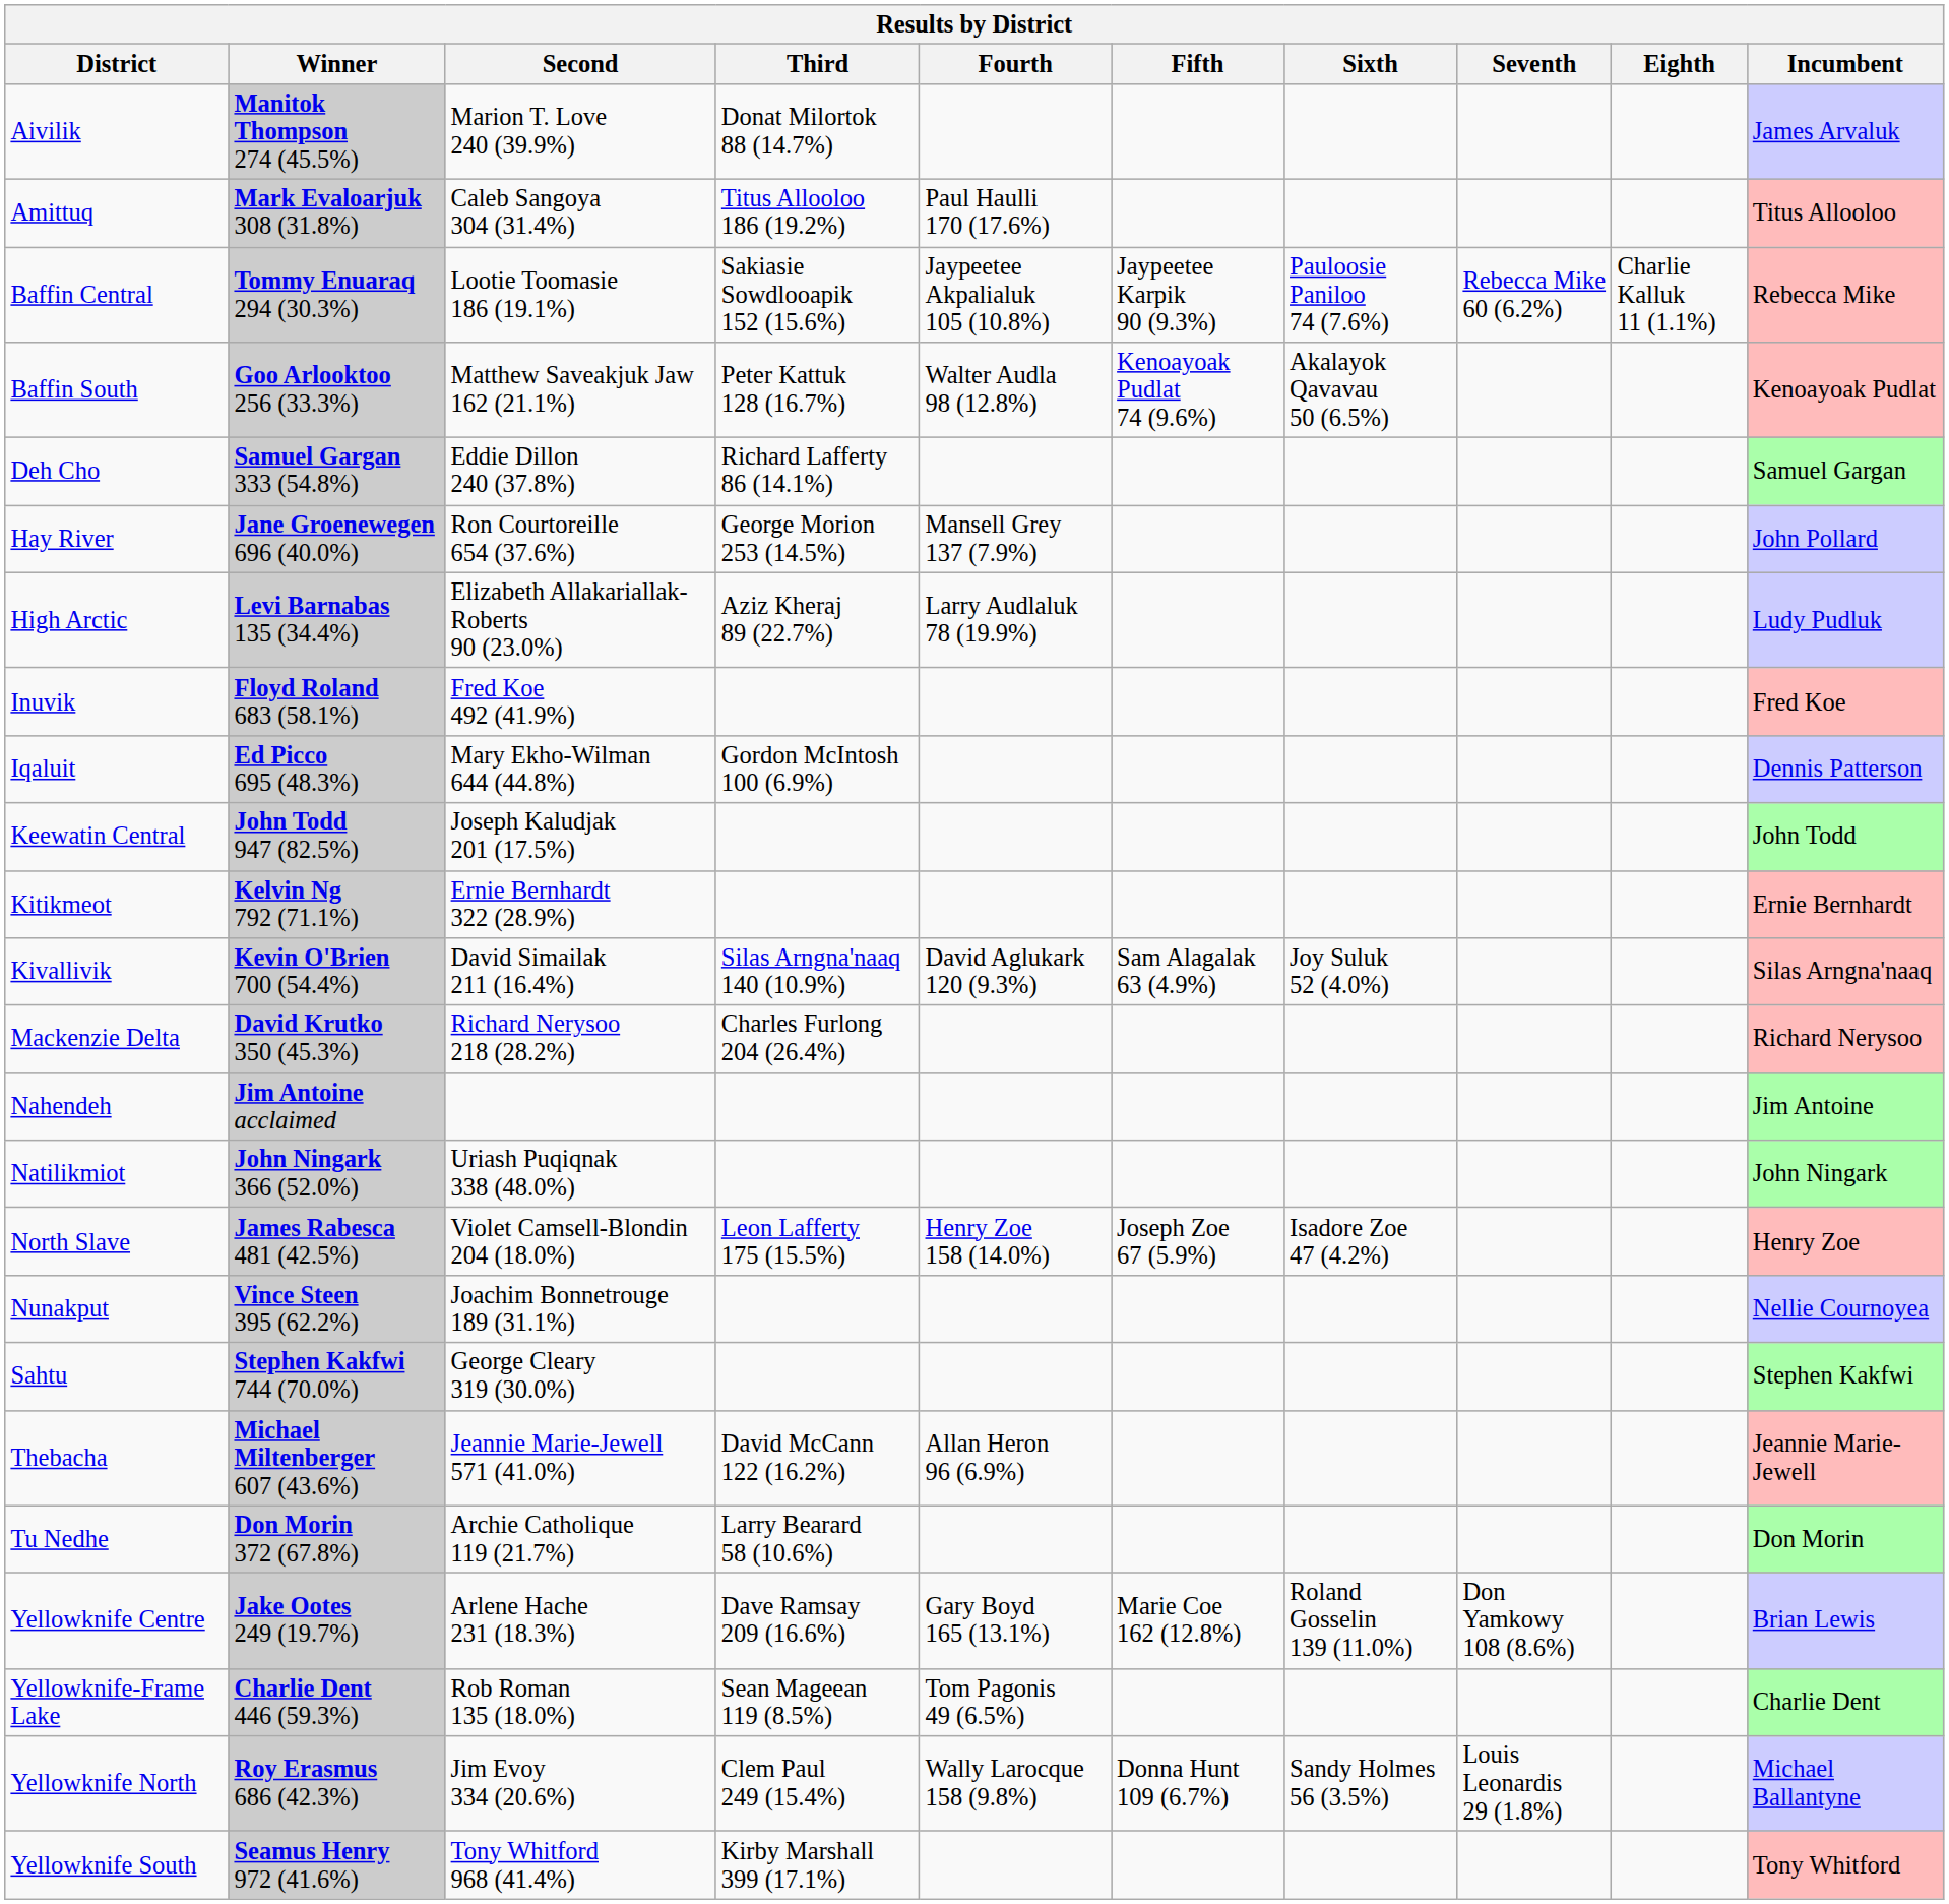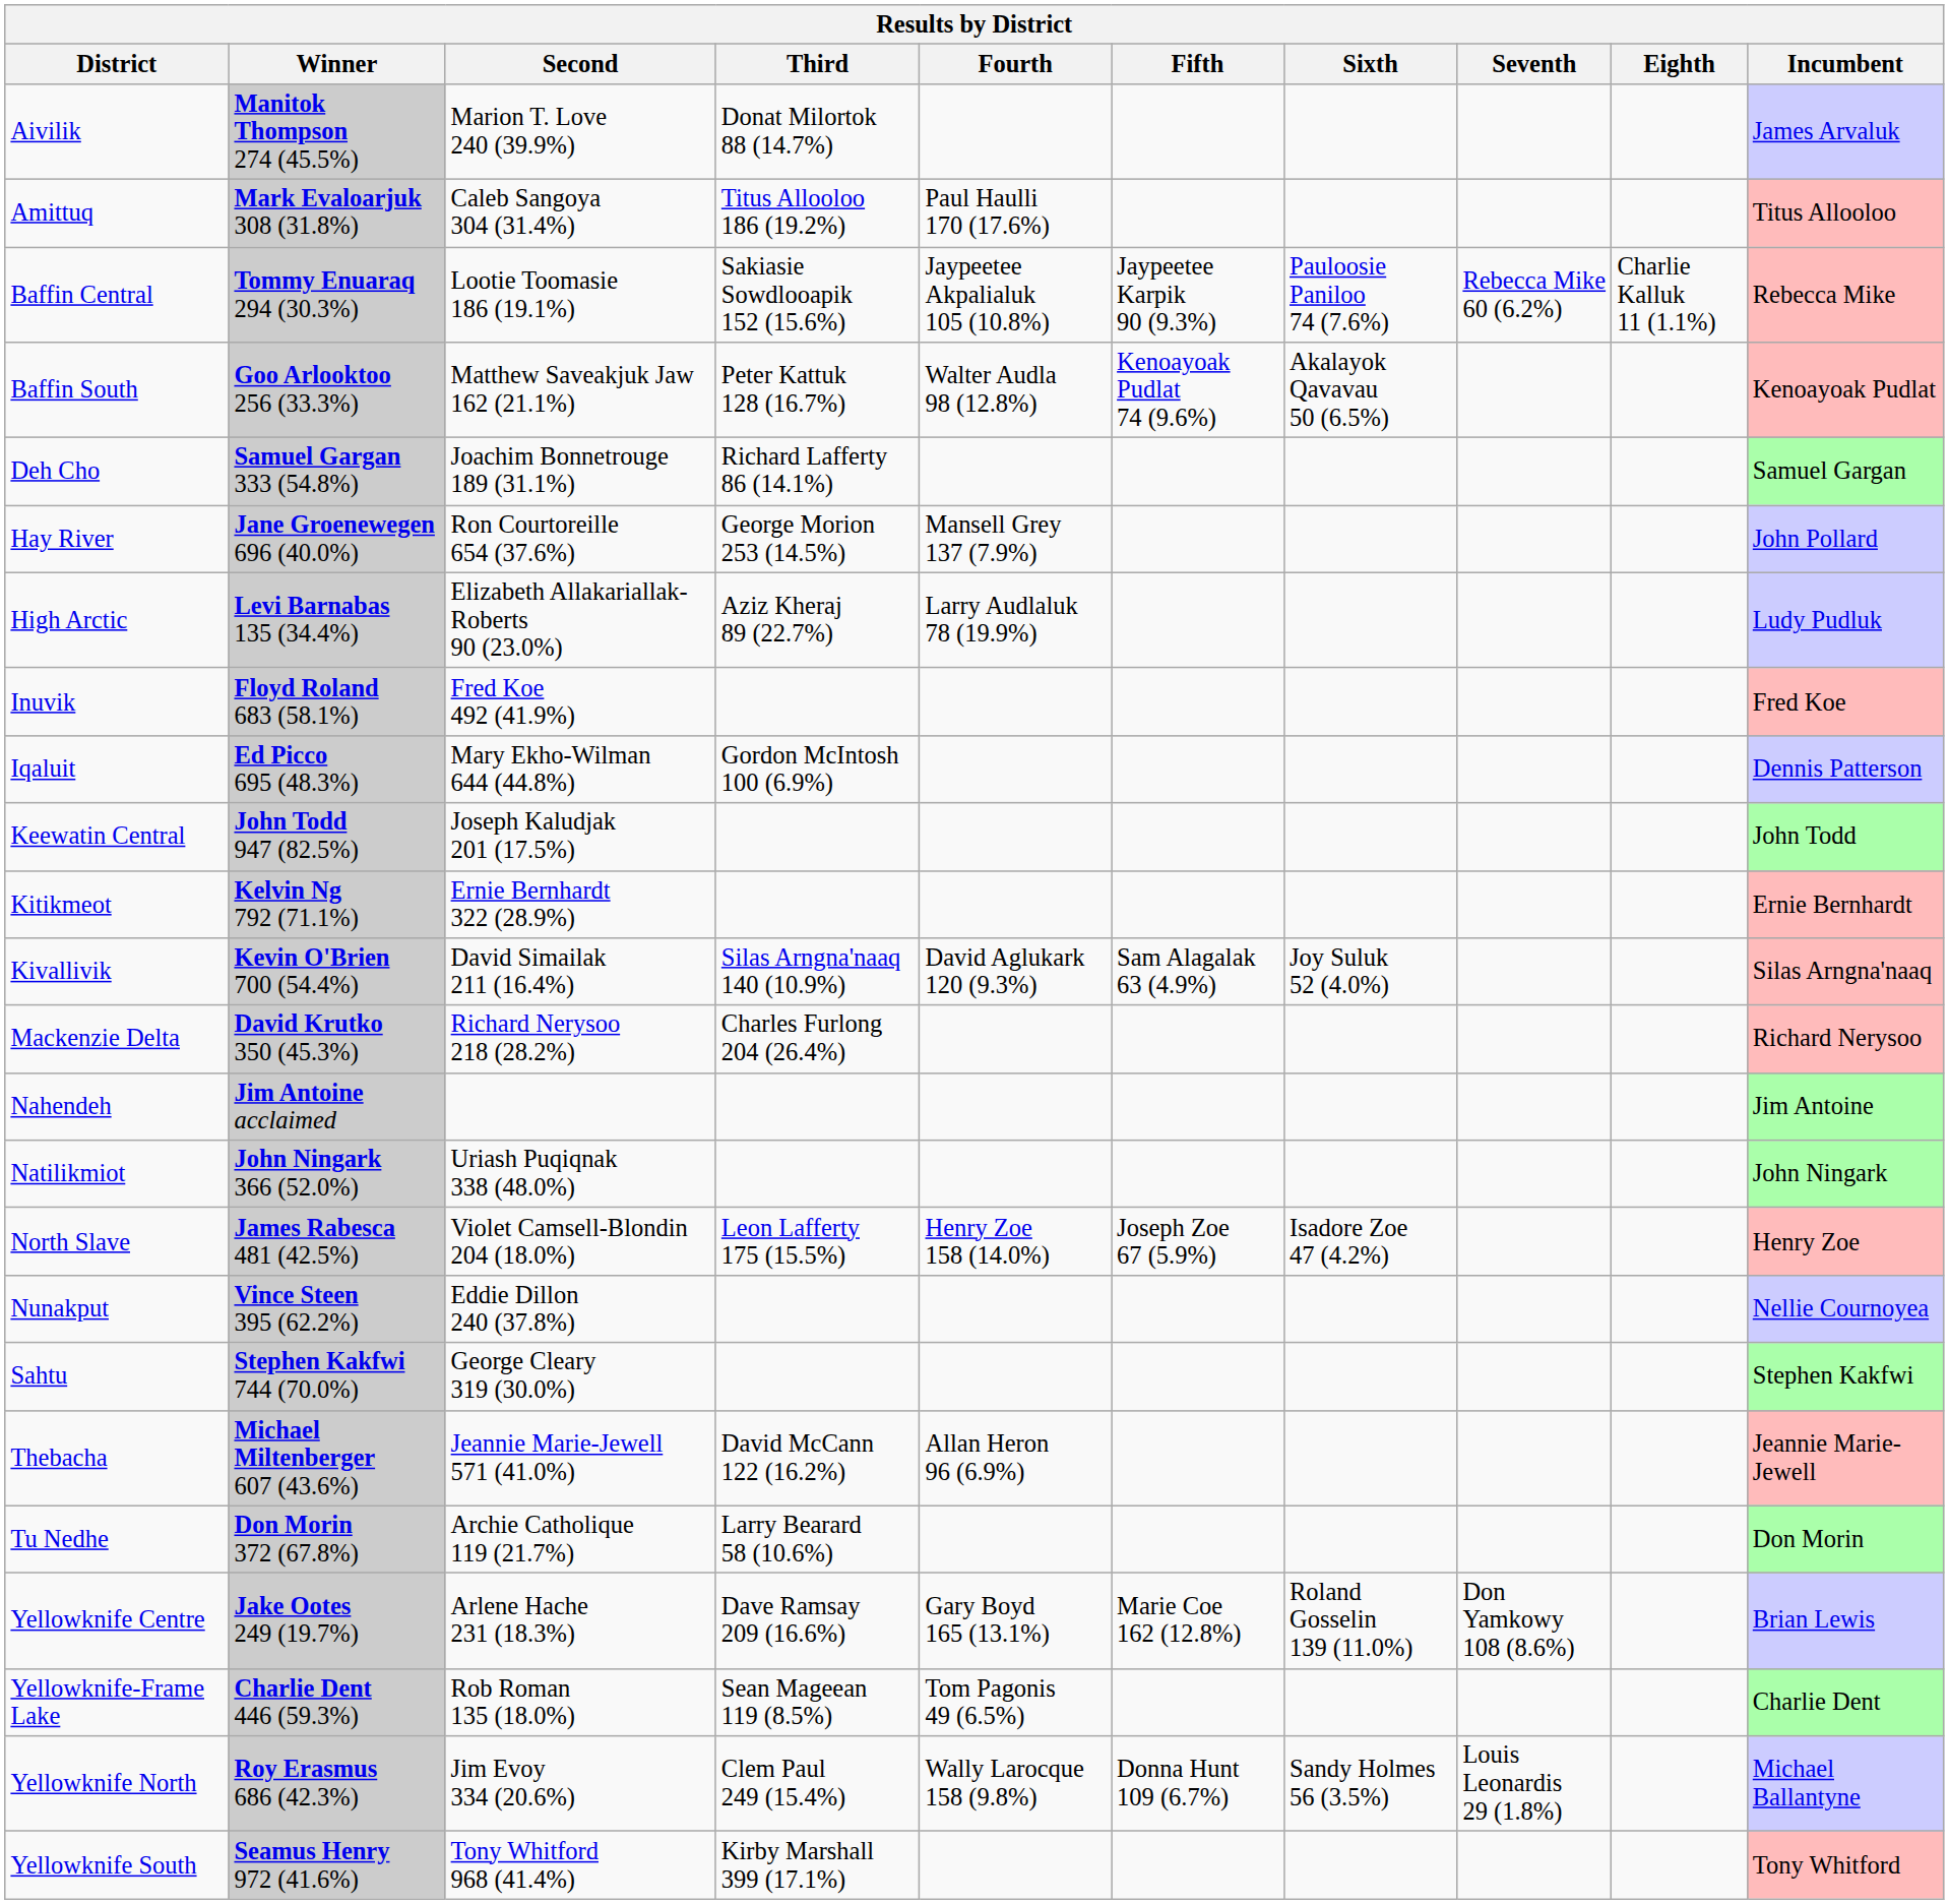 <table class=wikitable>
 <tr>
 <th colspan=11 align=center><strong>Results by District</strong></th>
 </tr>
 <tr>
 <th>District</th>
 <th>Winner</th>
 <th>Second</th>
 <th>Third</th>
 <th>Fourth</th>
 <th>Fifth</th>
 <th>Sixth</th>
 <th>Seventh</th>
 <th>Eighth</th>
 <th>Incumbent</th>
 </tr>
 <tr>
 <td><a href='#'>Aivilik</a></td>
 <td bgcolor="#cccccc"><strong><a href='#'>Manitok Thompson</a></strong><br>274 (45.5%)</td>
 <td>Marion T. Love<br>240 (39.9%)</td>
 <td>Donat Milortok<br>88 (14.7%)</td>
 <td></td>
 <td></td>
 <td></td>
 <td></td>
 <td></td>
 <td bgcolor="#ccccff"><a href='#'>James Arvaluk</a></td>
 </tr>
 <tr>
 <td><a href='#'>Amittuq</a></td>
 <td bgcolor="#cccccc"><strong><a href='#'>Mark Evaloarjuk</a></strong><br>308 (31.8%)</td>
 <td>Caleb Sangoya<br>304 (31.4%)</td>
 <td><a href='#'>Titus Allooloo</a><br>186 (19.2%)</td>
 <td>Paul Haulli<br>170 (17.6%)</td>
 <td></td>
 <td></td>
 <td></td>
 <td></td>
 <td bgcolor="#ffbbbb">Titus Allooloo</td>
 </tr>
 <tr>
 <td><a href='#'>Baffin Central</a></td>
 <td bgcolor="#cccccc"><strong><a href='#'>Tommy Enuaraq</a></strong><br>294 (30.3%)</td>
 <td>Lootie Toomasie<br>186 (19.1%)</td>
 <td>Sakiasie Sowdlooapik<br>152 (15.6%)</td>
 <td>Jaypeetee Akpalialuk<br>105 (10.8%)</td>
 <td>Jaypeetee Karpik<br>90 (9.3%)</td>
 <td><a href='#'>Pauloosie Paniloo</a><br>74 (7.6%)</td>
 <td><a href='#'>Rebecca Mike</a><br>60 (6.2%)</td>
 <td>Charlie Kalluk<br>11 (1.1%)</td>
 <td bgcolor="#ffbbbb">Rebecca Mike</td>
 </tr>
 <tr>
 <td><a href='#'>Baffin South</a></td>
 <td bgcolor="#cccccc"><strong><a href='#'>Goo Arlooktoo</a></strong><br>256 (33.3%)</td>
 <td>Matthew Saveakjuk Jaw<br>162 (21.1%)</td>
 <td>Peter Kattuk<br>128 (16.7%)</td>
 <td>Walter Audla<br>98 (12.8%)</td>
 <td><a href='#'>Kenoayoak Pudlat</a><br>74 (9.6%)</td>
 <td>Akalayok Qavavau<br>50 (6.5%)</td>
 <td></td>
 <td></td>
 <td bgcolor="#ffbbbb">Kenoayoak Pudlat</td>
 </tr>
 <tr>
 <td><a href='#'>Deh Cho</a></td>
 <td bgcolor="#cccccc"><strong><a href='#'>Samuel Gargan</a></strong><br>333 (54.8%)</td>
-<td>Eddie Dillon<br>240 (37.8%)</td>
+<td>Joachim Bonnetrouge<br>189 (31.1%)</td>
 <td>Richard Lafferty<br>86 (14.1%)</td>
 <td></td>
 <td></td>
 <td></td>
 <td></td>
 <td></td>
 <td bgcolor="#aaffaa">Samuel Gargan</td>
 </tr>
 <tr>
 <td><a href='#'>Hay River</a></td>
 <td bgcolor="#cccccc"><strong><a href='#'>Jane Groenewegen</a></strong><br>696 (40.0%)</td>
 <td>Ron Courtoreille<br>654 (37.6%)</td>
 <td>George Morion<br>253 (14.5%)</td>
 <td>Mansell Grey<br>137 (7.9%)</td>
 <td></td>
 <td></td>
 <td></td>
 <td></td>
 <td bgcolor="#ccccff"><a href='#'>John Pollard</a></td>
 </tr>
 <tr>
 <td><a href='#'>High Arctic</a><br></td>
 <td bgcolor="#cccccc"><strong><a href='#'>Levi Barnabas</a></strong><br>135 (34.4%)</td>
 <td>Elizabeth Allakariallak-Roberts<br>90 (23.0%)</td>
 <td>Aziz Kheraj<br>89 (22.7%)</td>
 <td>Larry Audlaluk<br>78 (19.9%)</td>
 <td></td>
 <td></td>
 <td></td>
 <td></td>
 <td bgcolor="#ccccff"><a href='#'>Ludy Pudluk</a></td>
 </tr>
 <tr>
 <td><a href='#'>Inuvik</a></td>
 <td bgcolor="#cccccc"><strong><a href='#'>Floyd Roland</a></strong><br>683 (58.1%)</td>
 <td><a href='#'>Fred Koe</a><br>492 (41.9%)</td>
 <td></td>
 <td></td>
 <td></td>
 <td></td>
 <td></td>
 <td></td>
 <td bgcolor="#ffbbbb">Fred Koe</td>
 </tr>
 <tr>
 <td><a href='#'>Iqaluit</a></td>
 <td bgcolor="#cccccc"><strong><a href='#'>Ed Picco</a></strong><br>695 (48.3%)</td>
 <td>Mary Ekho-Wilman<br>644 (44.8%)</td>
 <td>Gordon McIntosh<br>100 (6.9%)</td>
 <td></td>
 <td></td>
 <td></td>
 <td></td>
 <td></td>
 <td bgcolor="#ccccff"><a href='#'>Dennis Patterson</a></td>
 </tr>
 <tr>
 <td><a href='#'>Keewatin Central</a></td>
 <td bgcolor="#cccccc"><strong><a href='#'>John Todd</a></strong><br>947 (82.5%)</td>
 <td>Joseph Kaludjak<br>201 (17.5%)</td>
 <td></td>
 <td></td>
 <td></td>
 <td></td>
 <td></td>
 <td></td>
 <td bgcolor="#aaffaa">John Todd</td>
 </tr>
 <tr>
 <td><a href='#'>Kitikmeot</a></td>
 <td bgcolor="#cccccc"><strong><a href='#'>Kelvin Ng</a></strong><br>792 (71.1%)</td>
 <td><a href='#'>Ernie Bernhardt</a><br>322 (28.9%)</td>
 <td></td>
 <td></td>
 <td></td>
 <td></td>
 <td></td>
 <td></td>
 <td bgcolor="#ffbbbb">Ernie Bernhardt</td>
 </tr>
 <tr>
 <td><a href='#'>Kivallivik</a></td>
 <td bgcolor="#cccccc"><strong><a href='#'>Kevin O'Brien</a></strong><br>700 (54.4%)</td>
 <td>David Simailak<br>211 (16.4%)</td>
 <td><a href='#'>Silas Arngna'naaq</a><br>140 (10.9%)</td>
 <td>David Aglukark<br>120 (9.3%)</td>
 <td>Sam Alagalak<br>63 (4.9%)</td>
 <td>Joy Suluk<br>52 (4.0%)</td>
 <td></td>
 <td></td>
 <td bgcolor="#ffbbbb">Silas Arngna'naaq</td>
 </tr>
 <tr>
 <td><a href='#'>Mackenzie Delta</a></td>
 <td bgcolor="#cccccc"><strong><a href='#'>David Krutko</a></strong><br>350 (45.3%)</td>
 <td><a href='#'>Richard Nerysoo</a><br>218 (28.2%)</td>
 <td>Charles Furlong<br>204 (26.4%)</td>
 <td></td>
 <td></td>
 <td></td>
 <td></td>
 <td></td>
 <td bgcolor="#ffbbbb">Richard Nerysoo</td>
 </tr>
 <tr>
 <td><a href='#'>Nahendeh</a></td>
 <td bgcolor="#cccccc"><strong><a href='#'>Jim Antoine</a></strong><br><em>acclaimed</em></td>
 <td></td>
 <td></td>
 <td></td>
 <td></td>
 <td></td>
 <td></td>
 <td></td>
 <td bgcolor="#aaffaa">Jim Antoine</td>
 </tr>
 <tr>
 <td><a href='#'>Natilikmiot</a></td>
 <td bgcolor="#cccccc"><strong><a href='#'>John Ningark</a></strong><br>366 (52.0%)</td>
 <td>Uriash Puqiqnak<br>338 (48.0%)</td>
 <td></td>
 <td></td>
 <td></td>
 <td></td>
 <td></td>
 <td></td>
 <td bgcolor="#aaffaa">John Ningark</td>
 </tr>
 <tr>
 <td><a href='#'>North Slave</a></td>
 <td bgcolor="#cccccc"><strong><a href='#'>James Rabesca</a></strong><br>481 (42.5%)</td>
 <td>Violet Camsell-Blondin<br>204 (18.0%)</td>
 <td><a href='#'>Leon Lafferty</a><br>175 (15.5%)</td>
 <td><a href='#'>Henry Zoe</a><br>158 (14.0%)</td>
 <td>Joseph Zoe<br>67 (5.9%)</td>
 <td>Isadore Zoe<br>47 (4.2%)</td>
 <td></td>
 <td></td>
 <td bgcolor="#ffbbbb">Henry Zoe</td>
 </tr>
 <tr>
 <td><a href='#'>Nunakput</a></td>
 <td bgcolor="#cccccc"><strong><a href='#'>Vince Steen</a></strong><br>395 (62.2%)</td>
-<td>Joachim Bonnetrouge<br>189 (31.1%)</td>
+<td>Eddie Dillon<br>240 (37.8%)</td>
 <td></td>
 <td></td>
 <td></td>
 <td></td>
 <td></td>
 <td></td>
 <td bgcolor="#ccccff"><a href='#'>Nellie Cournoyea</a></td>
 </tr>
 <tr>
 <td><a href='#'>Sahtu</a></td>
 <td bgcolor="#cccccc"><strong><a href='#'>Stephen Kakfwi</a></strong><br>744 (70.0%)</td>
 <td>George Cleary<br>319 (30.0%)</td>
 <td></td>
 <td></td>
 <td></td>
 <td></td>
 <td></td>
 <td></td>
 <td bgcolor="#aaffaa">Stephen Kakfwi</td>
 </tr>
 <tr>
 <td><a href='#'>Thebacha</a></td>
 <td bgcolor="#cccccc"><strong><a href='#'>Michael Miltenberger</a></strong><br>607 (43.6%)</td>
 <td><a href='#'>Jeannie Marie-Jewell</a><br>571 (41.0%)</td>
 <td>David McCann<br>122 (16.2%)</td>
 <td>Allan Heron<br>96 (6.9%)</td>
 <td></td>
 <td></td>
 <td></td>
 <td></td>
 <td bgcolor="#ffbbbb">Jeannie Marie-Jewell</td>
 </tr>
 <tr>
 <td><a href='#'>Tu Nedhe</a></td>
 <td bgcolor="#cccccc"><strong><a href='#'>Don Morin</a></strong><br>372 (67.8%)</td>
 <td>Archie Catholique<br>119 (21.7%)</td>
 <td>Larry Bearard<br>58 (10.6%)</td>
 <td></td>
 <td></td>
 <td></td>
 <td></td>
 <td></td>
 <td bgcolor="#aaffaa">Don Morin</td>
 </tr>
 <tr>
 <td><a href='#'>Yellowknife Centre</a></td>
 <td bgcolor="#cccccc"><strong><a href='#'>Jake Ootes</a></strong><br>249 (19.7%)</td>
 <td>Arlene Hache<br>231 (18.3%)</td>
 <td>Dave Ramsay<br>209 (16.6%)</td>
 <td>Gary Boyd<br>165 (13.1%)</td>
 <td>Marie Coe<br>162 (12.8%)</td>
 <td>Roland Gosselin<br>139 (11.0%)</td>
 <td>Don Yamkowy<br>108 (8.6%)</td>
 <td></td>
 <td bgcolor="#ccccff"><a href='#'>Brian Lewis</a></td>
 </tr>
 <tr>
 <td><a href='#'>Yellowknife-Frame Lake</a></td>
 <td bgcolor="#cccccc"><strong><a href='#'>Charlie Dent</a></strong><br>446 (59.3%)</td>
 <td>Rob Roman<br>135 (18.0%)</td>
 <td>Sean Mageean<br>119 (8.5%)</td>
 <td>Tom Pagonis<br>49 (6.5%)</td>
 <td></td>
 <td></td>
 <td></td>
 <td></td>
 <td bgcolor="#aaffaa">Charlie Dent</td>
 </tr>
 <tr>
 <td><a href='#'>Yellowknife North</a></td>
 <td bgcolor="#cccccc"><strong><a href='#'>Roy Erasmus</a></strong><br>686 (42.3%)</td>
 <td>Jim Evoy<br>334 (20.6%)</td>
 <td>Clem Paul<br>249 (15.4%)</td>
 <td>Wally Larocque<br>158 (9.8%)</td>
 <td>Donna Hunt<br>109 (6.7%)</td>
 <td>Sandy Holmes<br>56 (3.5%)</td>
 <td>Louis Leonardis<br>29 (1.8%)</td>
 <td></td>
 <td bgcolor="#ccccff"><a href='#'>Michael Ballantyne</a></td>
 </tr>
 <tr>
 <td><a href='#'>Yellowknife South</a></td>
 <td bgcolor="#cccccc"><strong><a href='#'>Seamus Henry</a></strong><br>972 (41.6%)</td>
 <td><a href='#'>Tony Whitford</a><br>968 (41.4%)</td>
 <td>Kirby Marshall<br>399 (17.1%)</td>
 <td></td>
 <td></td>
 <td></td>
 <td></td>
 <td></td>
 <td bgcolor="#ffbbbb">Tony Whitford</td>
 </tr>
 </table>
